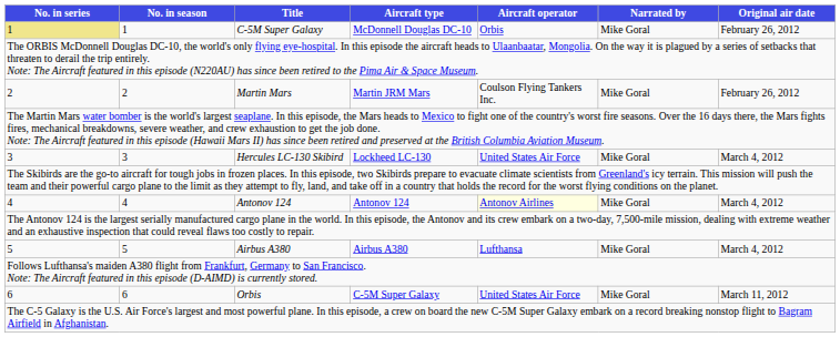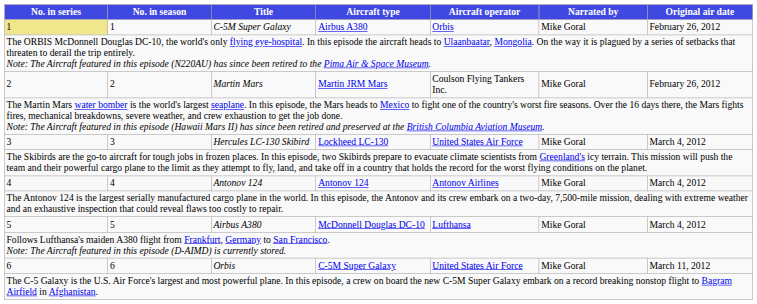 <table class="wikitable">
 <tr>
 <th scope="col" style="background-color: #3f49e2; color: #ffffff;" width="5%">No. in series</th>
 <th scope="col" style="background-color: #3f49e2; color: #ffffff;" width="5%">No. in season</th>
 <th scope="col" style="background-color: #3f49e2; color: #ffffff;" width="5%">Title</th>
 <th scope="col" style="background-color: #3f49e2; color: #ffffff;" width="5%">Aircraft type</th>
 <th scope="col" style="background-color: #3f49e2; color: #ffffff;" width="5%">Aircraft operator</th>
 <th scope="col" style="background-color: #3f49e2; color: #ffffff;" width="5%">Narrated by</th>
 <th scope="col" style="background-color: #3f49e2; color: #ffffff;" width="5%">Original air date</th>
 </tr>
 <tr>
 <td style="background: khaki;">1</td>
 <td>1</td>
 <td><em>C-5M Super Galaxy</em></td>
-<td><a href='#'>McDonnell Douglas DC-10</a></td>
+<td><a href='#'>Airbus A380</a></td>
 <td><a href='#'>Orbis</a></td>
 <td>Mike Goral</td>
 <td>February 26, 2012</td>
 </tr>
 <tr>
 <td colspan="7">The ORBIS McDonnell Douglas DC-10, the world's only <a href='#'>flying eye-hospital</a>. In this episode the aircraft heads to <a href='#'>Ulaanbaatar</a>, <a href='#'>Mongolia</a>. On the way it is plagued by a series of setbacks that threaten to derail the trip entirely.<br><em>Note: The Aircraft featured in this episode (N220AU) has since been retired to the <a href='#'>Pima Air & Space Museum</a>.</em></td>
 </tr>
 <tr>
 <td>2</td>
 <td>2</td>
 <td><em>Martin Mars</em></td>
 <td><a href='#'>Martin JRM Mars</a></td>
 <td>Coulson Flying Tankers Inc.</td>
 <td>Mike Goral</td>
 <td>February 26, 2012</td>
 </tr>
 <tr>
 <td colspan="7">The Martin Mars <a href='#'>water bomber</a> is the world's largest <a href='#'>seaplane</a>. In this episode, the Mars heads to <a href='#'>Mexico</a> to fight one of the country's worst fire seasons. Over the 16 days there, the Mars fights fires, mechanical breakdowns, severe weather, and crew exhaustion to get the job done.<br><em>Note: The Aircraft featured in this episode (Hawaii Mars II) has since been retired and preserved at the <a href='#'>British Columbia Aviation Museum</a>.</em></td>
 </tr>
 <tr>
 <td>3</td>
 <td>3</td>
 <td><em>Hercules LC-130 Skibird</em></td>
 <td><a href='#'>Lockheed LC-130</a></td>
 <td><a href='#'>United States Air Force</a></td>
 <td>Mike Goral</td>
 <td>March 4, 2012</td>
 </tr>
 <tr>
 <td colspan="7">The Skibirds are the go-to aircraft for tough jobs in frozen places. In this episode, two Skibirds prepare to evacuate climate scientists from <a href='#'>Greenland's</a> icy terrain. This mission will push the team and their powerful cargo plane to the limit as they attempt to fly, land, and take off in a country that holds the record for the worst flying conditions on the planet.</td>
 </tr>
 <tr>
 <td>4</td>
 <td>4</td>
 <td><em>Antonov 124</em></td>
 <td><a href='#'>Antonov 124</a></td>
-<td style="background: lightyellow;"><a href='#'>Antonov Airlines</a></td>
+<td><a href='#'>Antonov Airlines</a></td>
 <td>Mike Goral</td>
 <td>March 4, 2012</td>
 </tr>
 <tr>
 <td colspan="7">The Antonov 124 is the largest serially manufactured cargo plane in the world. In this episode, the Antonov and its crew embark on a two-day, 7,500-mile mission, dealing with extreme weather and an exhaustive inspection that could reveal flaws too costly to repair.</td>
 </tr>
 <tr>
 <td>5</td>
 <td>5</td>
 <td><em>Airbus A380</em></td>
-<td><a href='#'>Airbus A380</a></td>
+<td><a href='#'>McDonnell Douglas DC-10</a></td>
 <td><a href='#'>Lufthansa</a></td>
 <td>Mike Goral</td>
 <td>March 4, 2012</td>
 </tr>
 <tr>
 <td colspan="7">Follows Lufthansa's maiden A380 flight from <a href='#'>Frankfurt</a>, <a href='#'>Germany</a> to <a href='#'>San Francisco</a>.<br><em>Note: The Aircraft featured in this episode (D-AIMD) is currently stored.</em></td>
 </tr>
 <tr>
 <td>6</td>
 <td>6</td>
 <td><em>Orbis</em></td>
 <td><a href='#'>C-5M Super Galaxy</a></td>
 <td><a href='#'>United States Air Force</a></td>
 <td>Mike Goral</td>
 <td>March 11, 2012</td>
 </tr>
 <tr>
 <td colspan="7">The C-5 Galaxy is the U.S. Air Force's largest and most powerful plane. In this episode, a crew on board the new C-5M Super Galaxy embark on a record breaking nonstop flight to <a href='#'>Bagram Airfield</a> in <a href='#'>Afghanistan</a>.</td>
 </tr>
 </table>
